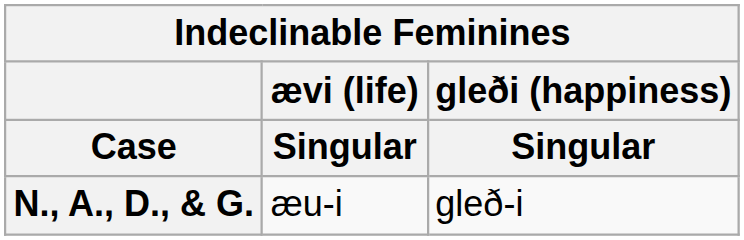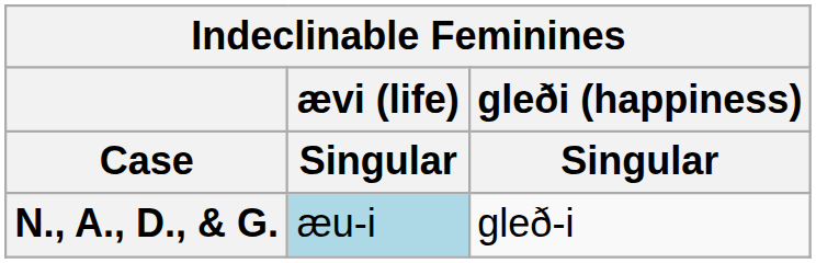 <table class="wikitable">
 <tr ---->
 <th colspan="5" align="CENTER">Indeclinable Feminines</th>
 </tr>
 <tr ---->
 <th> </th>
 <th>ævi (life)</th>
 <th>gleði (happiness)</th>
 </tr>
 <tr>
 <th>Case</th>
 <th>Singular</th>
 <th>Singular</th>
 </tr>
 <tr>
 <th>N., A., D., & G.</th>
-<td>æu-i</td>
+<td style="background: lightblue;">æu-i</td>
 <td>gleð-i</td>
 </tr>
 </table>
